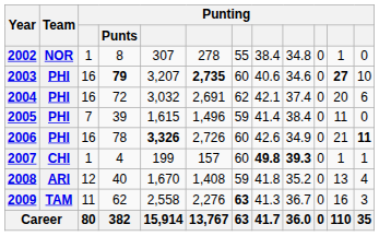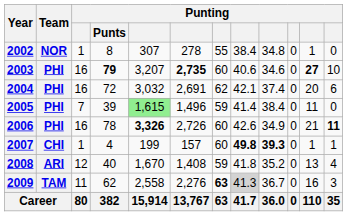 <table class=wikitable style="text-align:center;">
 <tr>
 <th rowspan="2">Year</th>
 <th rowspan="2">Team</th>
 <th colspan="10">Punting</th>
 </tr>
 <tr>
 <th></th>
 <th>Punts</th>
 <th></th>
 <th></th>
 <th></th>
 <th></th>
 <th></th>
 <th></th>
 <th></th>
 <th></th>
 </tr>
 <tr>
 <th><a href='#'>2002</a></th>
 <th><a href='#'>NOR</a></th>
 <td>1</td>
 <td>8</td>
 <td>307</td>
 <td>278</td>
 <td>55</td>
 <td>38.4</td>
 <td>34.8</td>
 <td>0</td>
 <td>1</td>
 <td>0</td>
 </tr>
 <tr>
 <th><a href='#'>2003</a></th>
 <th><a href='#'>PHI</a></th>
 <td>16</td>
 <td><strong>79</strong></td>
 <td>3,207</td>
 <td><strong>2,735</strong></td>
 <td>60</td>
 <td>40.6</td>
 <td>34.6</td>
 <td>0</td>
 <td><strong>27</strong></td>
 <td>10</td>
 </tr>
 <tr>
 <th><a href='#'>2004</a></th>
 <th><a href='#'>PHI</a></th>
 <td>16</td>
 <td>72</td>
 <td>3,032</td>
 <td>2,691</td>
 <td>62</td>
 <td>42.1</td>
 <td>37.4</td>
 <td>0</td>
 <td>20</td>
 <td>6</td>
 </tr>
 <tr>
 <th><a href='#'>2005</a></th>
 <th><a href='#'>PHI</a></th>
 <td>7</td>
 <td>39</td>
-<td>1,615</td>
+<td style="background: lightgreen;">1,615</td>
 <td>1,496</td>
 <td>59</td>
 <td>41.4</td>
 <td>38.4</td>
 <td>0</td>
 <td>11</td>
 <td>0</td>
 </tr>
 <tr>
 <th><a href='#'>2006</a></th>
 <th><a href='#'>PHI</a></th>
 <td>16</td>
 <td>78</td>
 <td><strong>3,326</strong></td>
 <td>2,726</td>
 <td>60</td>
 <td>42.6</td>
 <td>34.9</td>
 <td>0</td>
 <td>21</td>
 <td><strong>11</strong></td>
 </tr>
 <tr>
 <th><a href='#'>2007</a></th>
 <th><a href='#'>CHI</a></th>
 <td>1</td>
 <td>4</td>
 <td>199</td>
 <td>157</td>
 <td>60</td>
 <td><strong>49.8</strong></td>
 <td><strong>39.3</strong></td>
 <td>0</td>
 <td>1</td>
 <td>1</td>
 </tr>
 <tr>
 <th><a href='#'>2008</a></th>
 <th><a href='#'>ARI</a></th>
 <td>12</td>
 <td>40</td>
 <td>1,670</td>
 <td>1,408</td>
 <td>59</td>
 <td>41.8</td>
 <td>35.2</td>
 <td>0</td>
 <td>13</td>
 <td>4</td>
 </tr>
 <tr>
 <th><a href='#'>2009</a></th>
 <th><a href='#'>TAM</a></th>
 <td>11</td>
 <td>62</td>
 <td>2,558</td>
 <td>2,276</td>
 <td><strong>63</strong></td>
-<td>41.3</td>
+<td style="background: lightgrey;">41.3</td>
 <td>36.7</td>
 <td>0</td>
 <td>16</td>
 <td>3</td>
 </tr>
 <tr>
 <th colspan="2">Career</th>
 <th>80</th>
 <th>382</th>
 <th>15,914</th>
 <th>13,767</th>
 <th>63</th>
 <th>41.7</th>
 <th>36.0</th>
 <th>0</th>
 <th>110</th>
 <th>35</th>
 </tr>
 </table>
